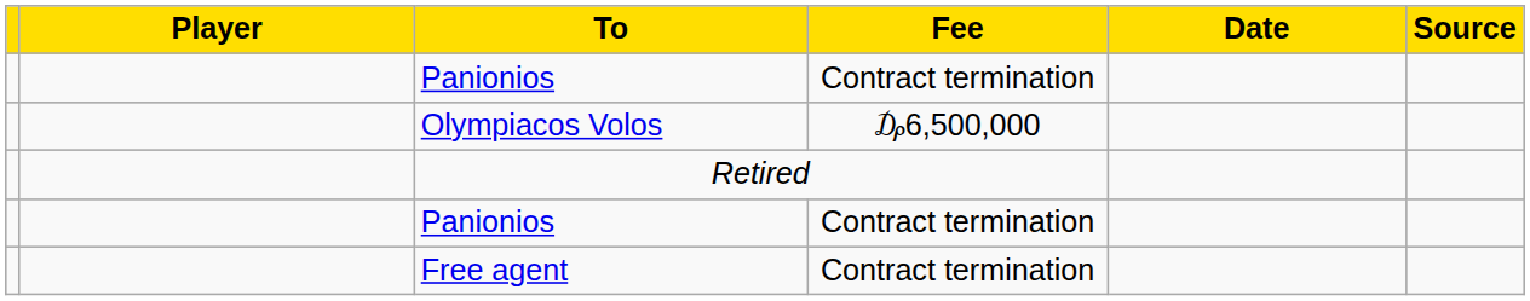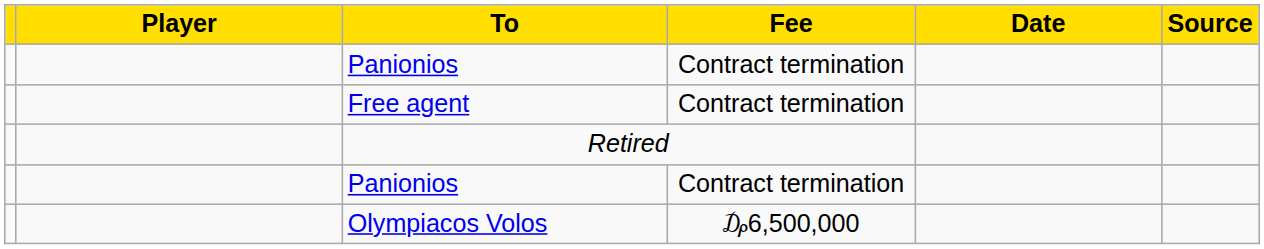 <table class="wikitable sortable">
 <tr>
 <th style="background:#FFDE00"></th>
 <th width=200 style="background:#FFDE00">Player</th>
 <th width=200 style="background:#FFDE00">To</th>
 <th width=150 style="background:#FFDE00">Fee</th>
 <th width=150 style="background:#FFDE00">Date</th>
 <th style="background:#FFDE00">Source</th>
 </tr>
 <tr>
 <td align=center></td>
 <td></td>
 <td> <a href='#'>Panionios</a></td>
 <td align=center>Contract termination</td>
 <td align=center></td>
 <td align=center></td>
 </tr>
 <tr>
 <td align=center></td>
 <td></td>
-<td> <a href='#'>Olympiacos Volos</a></td>
-<td align=center>₯6,500,000</td>
+<td><a href='#'>Free agent</a></td>
+<td align=center>Contract termination</td>
 <td align=center></td>
 <td align=center></td>
 </tr>
 <tr>
 <td align=center></td>
 <td></td>
 <td align=center colspan=2><em>Retired</em></td>
 <td align=center></td>
 <td align=center></td>
 </tr>
 <tr>
 <td align=center></td>
 <td></td>
 <td> <a href='#'>Panionios</a></td>
 <td align=center>Contract termination</td>
 <td align=center></td>
 <td align=center></td>
 </tr>
 <tr>
 <td align=center></td>
 <td></td>
-<td><a href='#'>Free agent</a></td>
-<td align=center>Contract termination</td>
+<td> <a href='#'>Olympiacos Volos</a></td>
+<td align=center>₯6,500,000</td>
 <td align=center></td>
 <td align=center></td>
 </tr>
 </table>
